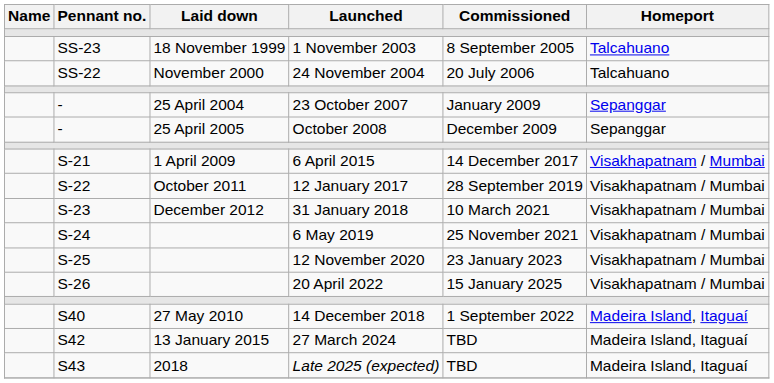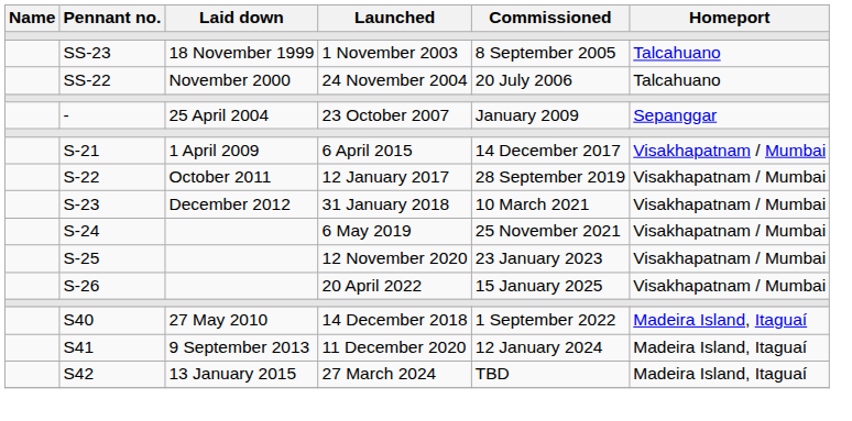 <table class=wikitable>
 <tr>
 <th>Name</th>
 <th>Pennant no.</th>
 <th>Laid down</th>
 <th>Launched</th>
 <th>Commissioned</th>
 <th>Homeport</th>
 </tr>
 <tr>
 <th style="align: center; background: #E6E6E6;" colspan="6"></th>
 </tr>
 <tr>
 <td></td>
 <td>SS-23</td>
 <td>18 November 1999</td>
 <td>1 November 2003</td>
 <td>8 September 2005</td>
 <td><a href='#'>Talcahuano</a></td>
 </tr>
 <tr>
 <td></td>
 <td>SS-22</td>
 <td>November 2000</td>
 <td>24 November 2004</td>
 <td>20 July 2006</td>
 <td>Talcahuano</td>
 </tr>
 <tr>
 <th style="align: center; background: #E6E6E6;" colspan="6"></th>
 </tr>
 <tr>
 <td></td>
 <td>-</td>
 <td>25 April 2004</td>
 <td>23 October 2007</td>
 <td>January 2009</td>
 <td><a href='#'>Sepanggar</a></td>
-</tr>
-<tr>
-<td></td>
-<td>-</td>
-<td>25 April 2005</td>
-<td>October 2008</td>
-<td>December 2009</td>
-<td>Sepanggar</td>
 </tr>
 <tr>
 <th style="align: center; background: #E6E6E6;" colspan="6"></th>
 </tr>
 <tr>
 <td></td>
 <td>S-21</td>
 <td>1 April 2009</td>
 <td>6 April 2015 </td>
 <td>14 December 2017</td>
 <td><a href='#'>Visakhapatnam</a> / <a href='#'>Mumbai</a></td>
 </tr>
 <tr>
 <td></td>
 <td>S-22</td>
 <td>October 2011</td>
 <td>12 January 2017</td>
 <td>28 September 2019</td>
 <td>Visakhapatnam / Mumbai</td>
 </tr>
 <tr>
 <td></td>
 <td>S-23</td>
 <td>December 2012</td>
 <td>31 January 2018</td>
 <td>10 March 2021</td>
 <td>Visakhapatnam / Mumbai</td>
 </tr>
 <tr>
 <td></td>
 <td>S-24</td>
 <td></td>
 <td>6 May 2019</td>
 <td>25 November 2021</td>
 <td>Visakhapatnam / Mumbai</td>
 </tr>
 <tr>
 <td></td>
 <td>S-25</td>
 <td></td>
 <td>12 November 2020</td>
 <td>23 January 2023</td>
 <td>Visakhapatnam / Mumbai</td>
 </tr>
 <tr>
 <td></td>
 <td>S-26</td>
 <td></td>
 <td>20 April 2022</td>
 <td>15 January 2025</td>
 <td>Visakhapatnam / Mumbai</td>
 </tr>
 <tr>
 <th style="align: center; background: #E6E6E6;" colspan="6"></th>
 </tr>
 <tr>
 <td></td>
 <td>S40</td>
 <td>27 May 2010</td>
 <td>14 December 2018</td>
 <td>1 September 2022</td>
 <td><a href='#'>Madeira Island</a>, <a href='#'>Itaguaí</a></td>
 </tr>
 <tr>
 <td></td>
+<td>S41</td>
+<td>9 September 2013</td>
+<td>11 December 2020</td>
+<td>12 January 2024</td>
+<td>Madeira Island, Itaguaí</td>
+</tr>
+<tr>
+<td></td>
 <td>S42</td>
 <td>13 January 2015</td>
 <td>27 March 2024</td>
 <td>TBD</td>
 <td>Madeira Island, Itaguaí</td>
 </tr>
 <tr>
-<td></td>
-<td>S43</td>
-<td>2018</td>
-<td><em>Late 2025 (expected)</em></td>
-<td>TBD</td>
-<td>Madeira Island, Itaguaí</td>
-</tr>
-<tr>
 </tr>
 </table>
